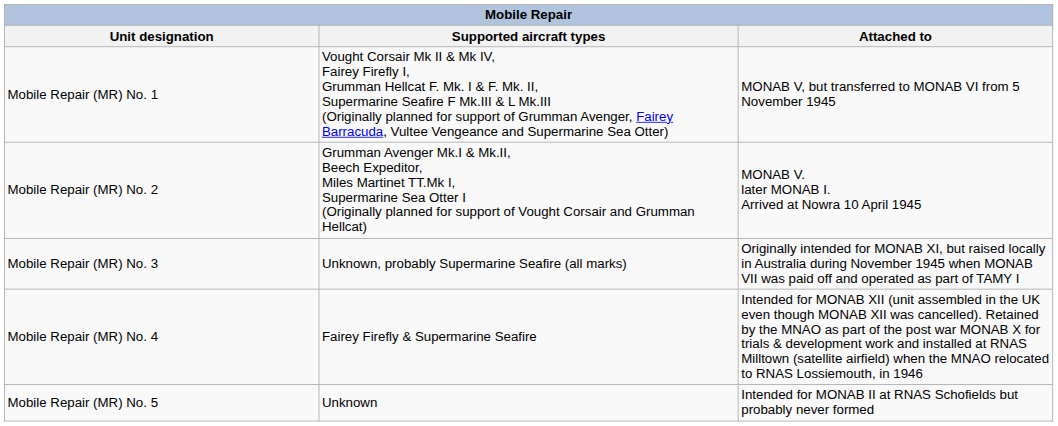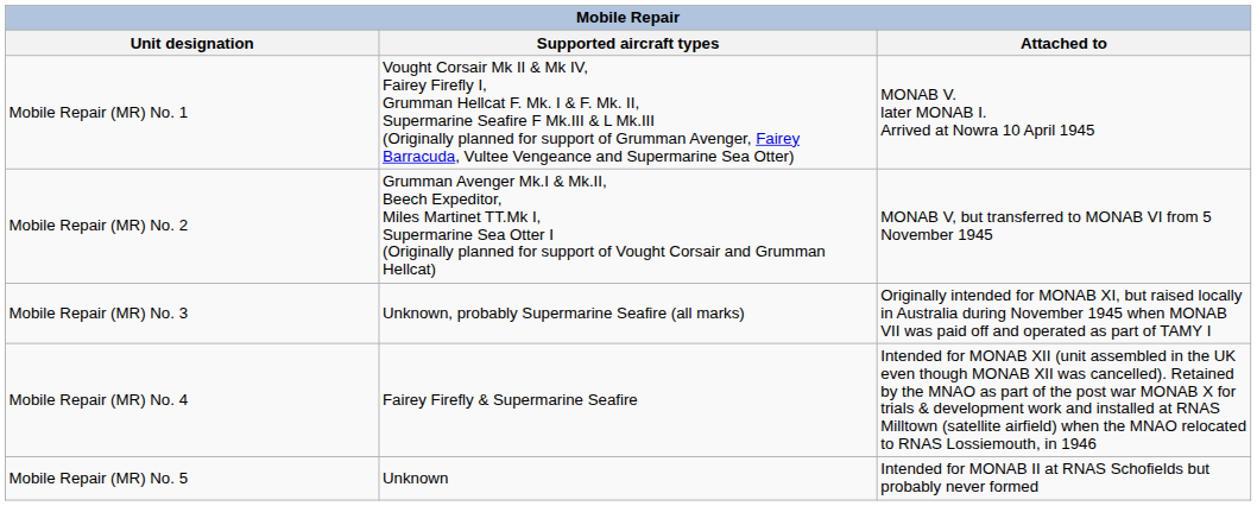 <table class="wikitable" style="margin:auto; width:100%;">
 <tr>
 <th style="align: center; background:#B0C4DE;" colspan="3">Mobile Repair</th>
 </tr>
 <tr>
 <th style="text-align:center; width:30%;">Unit designation</th>
 <th style="text-align:center; width:40%;">Supported aircraft types</th>
 <th style="text-align:center; width:30%;">Attached to</th>
 </tr>
 <tr>
 <td>Mobile Repair (MR) No. 1</td>
 <td>Vought Corsair Mk II & Mk IV,<br>Fairey Firefly I,<br>Grumman Hellcat F. Mk. I & F. Mk. II,<br>Supermarine Seafire F Mk.III & L Mk.III<br>(Originally planned for support of Grumman Avenger, <a href='#'>Fairey Barracuda</a>, Vultee Vengeance and Supermarine Sea Otter)</td>
-<td>MONAB V, but transferred to MONAB VI from 5 November 1945</td>
+<td>MONAB V.<br>later MONAB I.<br>Arrived at Nowra 10 April 1945</td>
 </tr>
 <tr>
 <td>Mobile Repair (MR) No. 2</td>
 <td>Grumman Avenger Mk.I & Mk.II,<br>Beech Expeditor,<br>Miles Martinet TT.Mk I,<br>Supermarine Sea Otter I<br>(Originally planned for support of Vought Corsair and Grumman Hellcat)</td>
-<td>MONAB V.<br>later MONAB I.<br>Arrived at Nowra 10 April 1945</td>
+<td>MONAB V, but transferred to MONAB VI from 5 November 1945</td>
 </tr>
 <tr>
 <td>Mobile Repair (MR) No. 3</td>
 <td>Unknown, probably Supermarine Seafire (all marks)</td>
 <td>Originally intended for MONAB XI, but raised locally in Australia during November 1945 when MONAB VII was paid off and operated as part of TAMY I</td>
 </tr>
 <tr>
 <td>Mobile Repair (MR) No. 4</td>
 <td>Fairey Firefly & Supermarine Seafire</td>
 <td>Intended for MONAB XII (unit assembled in the UK even though MONAB XII was cancelled). Retained by the MNAO as part of the post war MONAB X for trials & development work and installed at RNAS Milltown (satellite airfield) when the MNAO relocated to RNAS Lossiemouth, in 1946</td>
 </tr>
 <tr>
 <td>Mobile Repair (MR) No. 5</td>
 <td>Unknown</td>
 <td>Intended for MONAB II at RNAS Schofields but probably never formed</td>
 </tr>
 </table>
